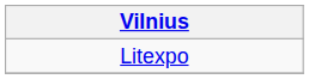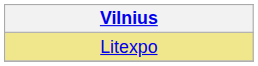 <table class="wikitable" style="text-align:center" width=225>
 <tr>
 <th> <strong><a href='#'>Vilnius</a></strong></th>
 </tr>
 <tr>
-<td><a href='#'>Litexpo</a></td>
+<td style="background: khaki;"><a href='#'>Litexpo</a></td>
 </tr>
 <tr>
 </tr>
 </table>
